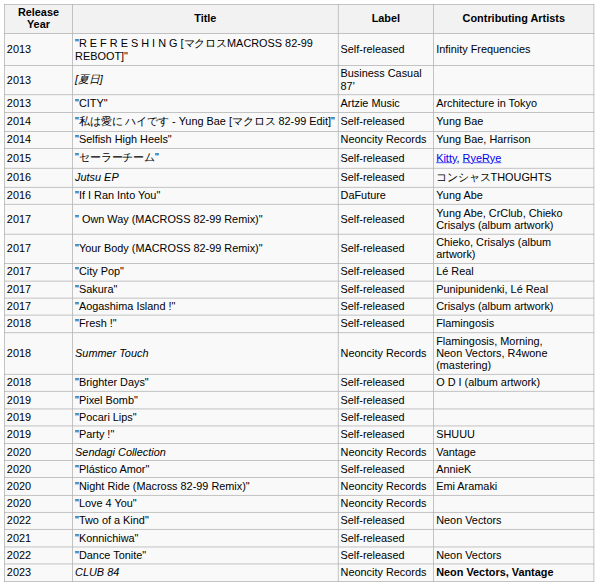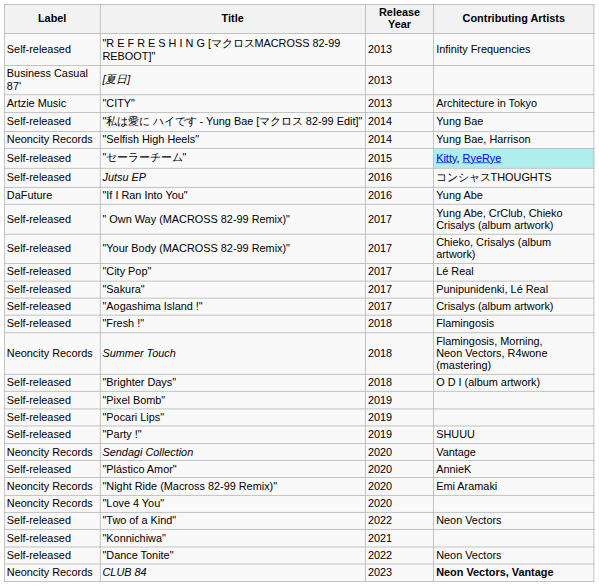 <table class="wikitable mw-collapsible">
 <tr>
+<th>Label</th>
+<th>Title</th>
 <th>Release Year</th>
-<th>Title</th>
-<th>Label</th>
 <th>Contributing Artists</th>
 </tr>
 <tr>
+<td>Self-released</td>
+<td>"R E F R E S H I N G [​マ​ク​ロ​ス​MACROSS 82-99 REBOOT]"</td>
 <td>2013</td>
-<td>"R E F R E S H I N G [​マ​ク​ロ​ス​MACROSS 82-99 REBOOT]"</td>
-<td>Self-released</td>
 <td>Infinity Frequencies</td>
 </tr>
 <tr>
+<td>Business Casual 87'</td>
+<td><em>[夏日]</em></td>
 <td>2013</td>
-<td><em>[夏日]</em></td>
-<td>Business Casual 87'</td>
 <td></td>
 </tr>
 <tr>
+<td>Artzie Music</td>
+<td>"CITY"</td>
 <td>2013</td>
-<td>"CITY"</td>
-<td>Artzie Music</td>
 <td>Architecture in Tokyo</td>
 </tr>
 <tr>
+<td>Self-released</td>
+<td>"私​は​愛​に ハ​イ​で​す - Yung Bae [​マ​ク​ロ​ス 82-99 Edit]"</td>
 <td>2014</td>
-<td>"私​は​愛​に ハ​イ​で​す - Yung Bae [​マ​ク​ロ​ス 82-99 Edit]"</td>
-<td>Self-released</td>
 <td>Yung Bae</td>
 </tr>
 <tr>
+<td>Neoncity Records</td>
+<td>"Selfish High Heels"</td>
 <td>2014</td>
-<td>"Selfish High Heels"</td>
-<td>Neoncity Records</td>
 <td>Yung Bae, Harrison</td>
 </tr>
 <tr>
+<td>Self-released</td>
+<td>"セ​ー​ラ​ー​チ​ー​ム"</td>
 <td>2015</td>
-<td>"セ​ー​ラ​ー​チ​ー​ム"</td>
-<td>Self-released</td>
-<td><a href='#'>Kitty</a>, <a href='#'>RyeRye</a></td>
+<td style="background: paleturquoise;"><a href='#'>Kitty</a>, <a href='#'>RyeRye</a></td>
 </tr>
 <tr>
+<td>Self-released</td>
+<td><em>Jutsu EP</em></td>
 <td>2016</td>
-<td><em>Jutsu EP</em></td>
-<td>Self-released</td>
 <td>コ​ン​シ​ャ​ス​THOUGHTS</td>
 </tr>
 <tr>
+<td>DaFuture</td>
+<td>"If I Ran Into You"</td>
 <td>2016</td>
-<td>"If I Ran Into You"</td>
-<td>DaFuture</td>
 <td>Yung Abe</td>
 </tr>
 <tr>
+<td>Self-released</td>
+<td>" Own Way (MACROSS 82-99 Remix)"</td>
 <td>2017</td>
-<td>" Own Way (MACROSS 82-99 Remix)"</td>
-<td>Self-released</td>
 <td>Yung Abe, CrClub, Chieko<br>Crisalys (album artwork)</td>
 </tr>
 <tr>
+<td>Self-released</td>
+<td>"Your Body (MACROSS 82-99 Remix)"</td>
 <td>2017</td>
-<td>"Your Body (MACROSS 82-99 Remix)"</td>
-<td>Self-released</td>
 <td>Chieko, Crisalys (album artwork)</td>
 </tr>
 <tr>
+<td>Self-released</td>
+<td>"City Pop"</td>
 <td>2017</td>
-<td>"City Pop"</td>
-<td>Self-released</td>
 <td>Lé Real</td>
 </tr>
 <tr>
+<td>Self-released</td>
+<td>"Sakura"</td>
 <td>2017</td>
-<td>"Sakura"</td>
-<td>Self-released</td>
 <td>Punipunidenki, Lé Real</td>
 </tr>
 <tr>
+<td>Self-released</td>
+<td>"Aogashima Island !"</td>
 <td>2017</td>
-<td>"Aogashima Island !"</td>
-<td>Self-released</td>
 <td>Crisalys (album artwork)</td>
 </tr>
 <tr>
+<td>Self-released</td>
+<td>"Fresh !"</td>
 <td>2018</td>
-<td>"Fresh !"</td>
-<td>Self-released</td>
 <td>Flamingosis</td>
 </tr>
 <tr>
+<td>Neoncity Records</td>
+<td><em>Summer Touch</em></td>
 <td>2018</td>
-<td><em>Summer Touch</em></td>
-<td>Neoncity Records</td>
 <td>Flamingosis, Morning,<br>Neon Vectors, R4wone (mastering)</td>
 </tr>
 <tr>
+<td>Self-released</td>
+<td>"Brighter Days"</td>
 <td>2018</td>
-<td>"Brighter Days"</td>
-<td>Self-released</td>
 <td>O D I (album artwork)</td>
 </tr>
 <tr>
+<td>Self-released</td>
+<td>"Pixel Bomb"</td>
 <td>2019</td>
-<td>"Pixel Bomb"</td>
-<td>Self-released</td>
 <td></td>
 </tr>
 <tr>
+<td>Self-released</td>
+<td>"Pocari Lips"</td>
 <td>2019</td>
-<td>"Pocari Lips"</td>
-<td>Self-released</td>
 <td></td>
 </tr>
 <tr>
+<td>Self-released</td>
+<td>"Party !"</td>
 <td>2019</td>
-<td>"Party !"</td>
-<td>Self-released</td>
 <td>SHUUU</td>
 </tr>
 <tr>
+<td>Neoncity Records</td>
+<td><em>Sendagi Collection</em></td>
 <td>2020</td>
-<td><em>Sendagi Collection</em></td>
-<td>Neoncity Records</td>
 <td>Vantage</td>
 </tr>
 <tr>
+<td>Self-released</td>
+<td>"Plástico Amor"</td>
 <td>2020</td>
-<td>"Plástico Amor"</td>
-<td>Self-released</td>
 <td>AnnieK</td>
 </tr>
 <tr>
+<td>Neoncity Records</td>
+<td>"Night Ride (Macross 82-99 Remix)"</td>
 <td>2020</td>
-<td>"Night Ride (Macross 82-99 Remix)"</td>
-<td>Neoncity Records</td>
 <td>Emi Aramaki</td>
 </tr>
 <tr>
+<td>Neoncity Records</td>
+<td>"Love 4 You"</td>
 <td>2020</td>
-<td>"Love 4 You"</td>
-<td>Neoncity Records</td>
 <td></td>
 </tr>
 <tr>
+<td>Self-released</td>
+<td>"Two of a Kind"</td>
 <td>2022</td>
-<td>"Two of a Kind"</td>
-<td>Self-released</td>
 <td>Neon Vectors</td>
 </tr>
 <tr>
+<td>Self-released</td>
+<td>"Konnichiwa"</td>
 <td>2021</td>
-<td>"Konnichiwa"</td>
-<td>Self-released</td>
 <td></td>
 </tr>
 <tr>
+<td>Self-released</td>
+<td>"Dance Tonite"</td>
 <td>2022</td>
-<td>"Dance Tonite"</td>
-<td>Self-released</td>
 <td>Neon Vectors</td>
 </tr>
 <tr>
+<td>Neoncity Records</td>
+<td><em>CLUB 84</em></td>
 <td>2023</td>
-<td><em>CLUB 84</em></td>
-<td>Neoncity Records</td>
 <td><strong>Neon Vectors, Vantage</strong></td>
 </tr>
 </table>
